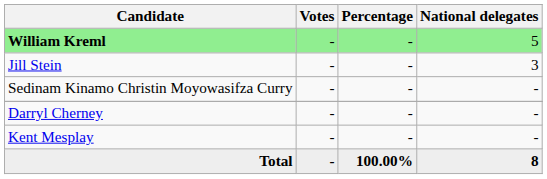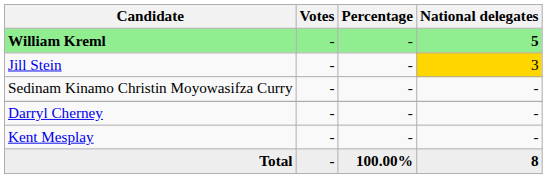 <table class="wikitable" style="text-align:right;">
 <tr>
 <th>Candidate</th>
 <th>Votes</th>
 <th>Percentage</th>
 <th>National delegates</th>
 </tr>
 <tr style="background:lightgreen;">
 <td style="text-align:left;"><strong>William Kreml</strong></td>
 <td>-</td>
 <td>-</td>
-<td>5</td>
+<td><strong>5</strong></td>
 </tr>
 <tr>
 <td style="text-align:left;"><a href='#'>Jill Stein</a></td>
 <td>-</td>
 <td>-</td>
-<td>3</td>
+<td style="background: gold;">3</td>
 </tr>
 <tr>
 <td style="text-align:left;">Sedinam Kinamo Christin Moyowasifza Curry</td>
 <td>-</td>
 <td>-</td>
 <td>-</td>
 </tr>
 <tr>
 </tr>
 <tr>
 <td style="text-align:left;"><a href='#'>Darryl Cherney</a></td>
 <td>-</td>
 <td>-</td>
 <td>-</td>
 </tr>
 <tr>
 <td style="text-align:left;"><a href='#'>Kent Mesplay</a></td>
 <td>-</td>
 <td>-</td>
 <td>-</td>
 </tr>
 <tr style="background:#EEE;">
 <td style="margin-right:0.50px"><strong>Total</strong></td>
 <td style="margin-right:0.50px"><strong>-</strong></td>
 <td style="margin-right:0.50px"><strong>100.00%</strong></td>
 <td style="margin-right:0.50px"><strong>8</strong></td>
 </tr>
 </table>
